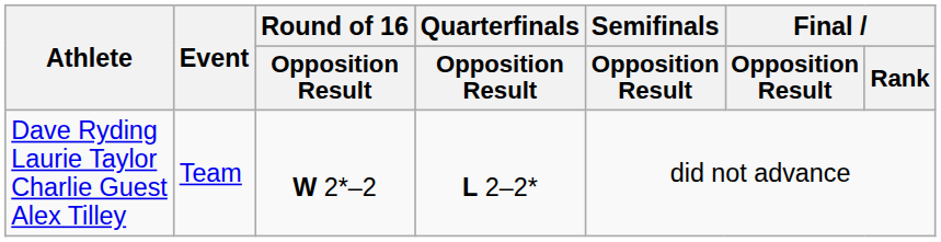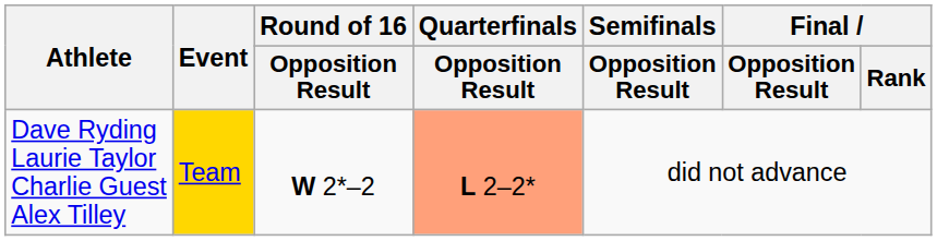 <table class="wikitable" style="font-size:90%">
 <tr>
 <th rowspan="2">Athlete</th>
 <th rowspan="2">Event</th>
 <th>Round of 16</th>
 <th>Quarterfinals</th>
 <th>Semifinals</th>
 <th colspan=2>Final / </th>
 </tr>
 <tr style="font-size:95%">
 <th>Opposition<br>Result</th>
 <th>Opposition<br>Result</th>
 <th>Opposition<br>Result</th>
 <th>Opposition<br>Result</th>
 <th>Rank</th>
 </tr>
 <tr align=center>
 <td align="left"><a href='#'>Dave Ryding</a><br><a href='#'>Laurie Taylor</a><br><a href='#'>Charlie Guest</a><br><a href='#'>Alex Tilley</a></td>
-<td align="left"><a href='#'>Team</a></td>
+<td align="left" style="background: gold;"><a href='#'>Team</a></td>
 <td> <br><strong>W</strong> 2*–2</td>
-<td> <br><strong>L</strong> 2–2*</td>
+<td style="background: lightsalmon;"> <br><strong>L</strong> 2–2*</td>
 <td colspan=3>did not advance</td>
 </tr>
 </table>
